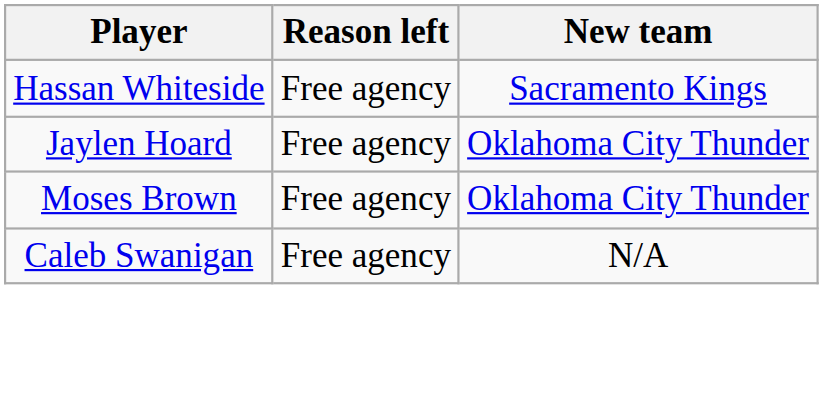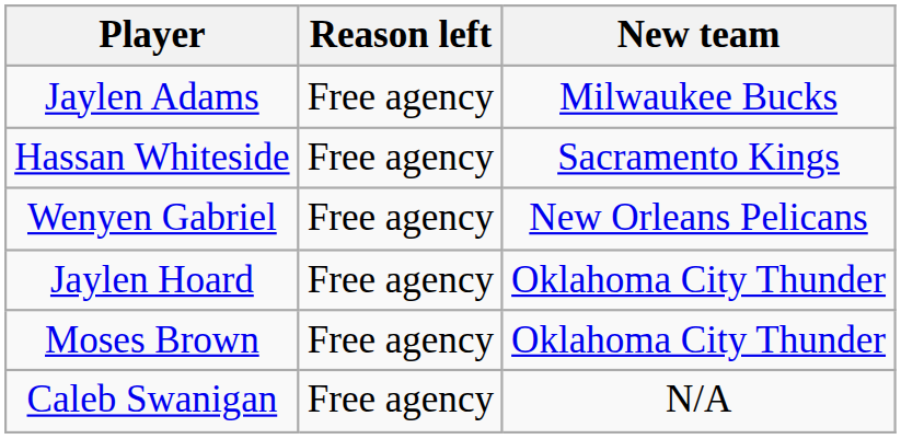 <table class="wikitable sortable sortable" style="text-align: center">
 <tr>
 <th>Player</th>
 <th>Reason left</th>
 <th>New team</th>
 </tr>
 <tr style="text-align: center">
+<td><a href='#'>Jaylen Adams</a></td>
+<td>Free agency</td>
+<td><a href='#'>Milwaukee Bucks</a></td>
+</tr>
+<tr style="text-align: center">
 <td><a href='#'>Hassan Whiteside</a></td>
 <td>Free agency</td>
 <td><a href='#'>Sacramento Kings</a></td>
+</tr>
+<tr style="text-align: center">
+<td><a href='#'>Wenyen Gabriel</a></td>
+<td>Free agency</td>
+<td><a href='#'>New Orleans Pelicans</a></td>
 </tr>
 <tr style="text-align: center">
 <td><a href='#'>Jaylen Hoard</a></td>
 <td>Free agency</td>
 <td><a href='#'>Oklahoma City Thunder</a></td>
 </tr>
 <tr style="text-align: center">
 <td><a href='#'>Moses Brown</a></td>
 <td>Free agency</td>
 <td><a href='#'>Oklahoma City Thunder</a></td>
 </tr>
 <tr style="text-align: center">
 <td><a href='#'>Caleb Swanigan</a></td>
 <td>Free agency</td>
 <td>N/A</td>
 </tr>
 </table>
